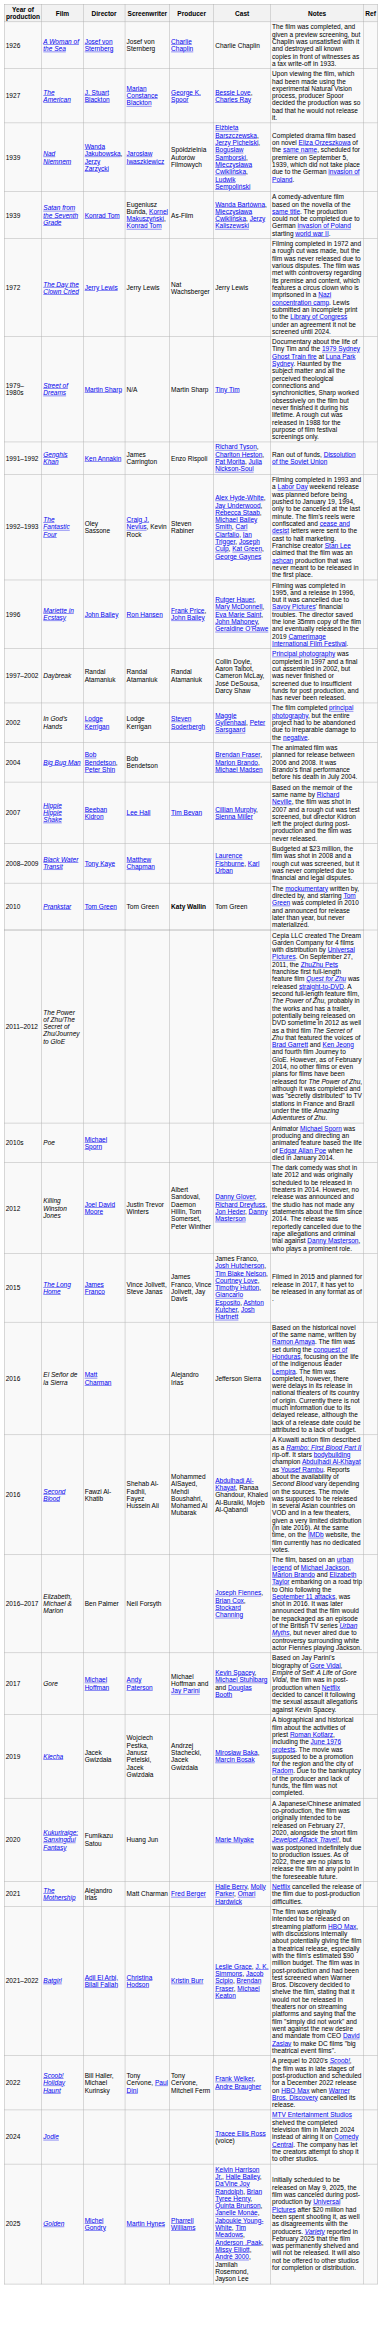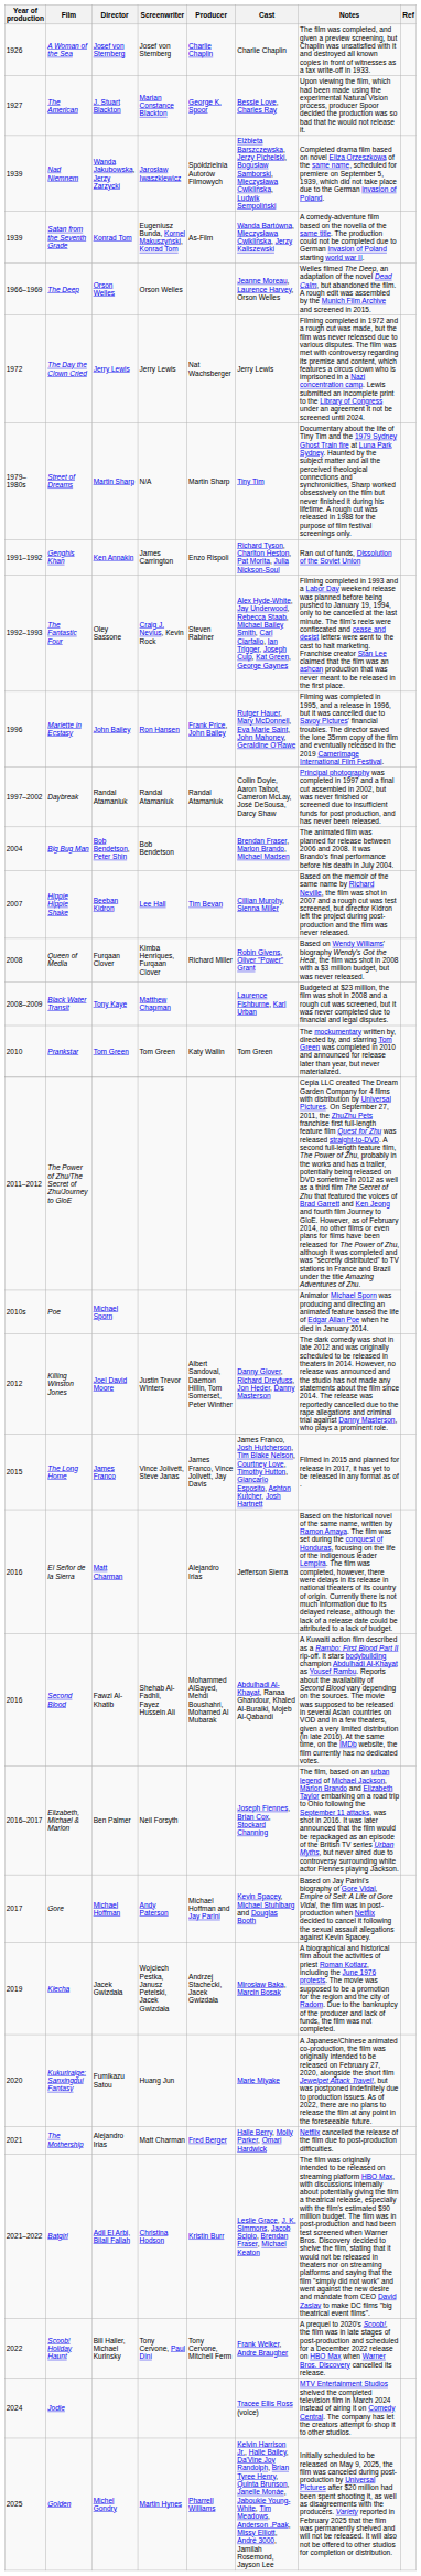 <table class="wikitable sortable" style="font-size:95%">
 <tr>
 <th>Year of production</th>
 <th>Film</th>
 <th>Director</th>
 <th>Screenwriter</th>
 <th>Producer</th>
 <th>Cast</th>
 <th>Notes</th>
 <th class=unsortable>Ref</th>
 </tr>
 <tr>
 <td>1926</td>
 <td><em><a href='#'>A Woman of the Sea</a></em></td>
 <td><a href='#'>Josef von Sternberg</a></td>
 <td>Josef von Sternberg</td>
 <td><a href='#'>Charlie Chaplin</a></td>
 <td>Charlie Chaplin</td>
 <td>The film was completed, and given a preview screening, but Chaplin was unsatisfied with it and destroyed all known copies in front of witnesses as a tax write-off in 1933.</td>
 <td></td>
 </tr>
 <tr>
 <td>1927</td>
 <td><em><a href='#'>The American</a></em></td>
 <td><a href='#'>J. Stuart Blackton</a></td>
 <td><a href='#'>Marian Constance Blackton</a></td>
 <td><a href='#'>George K. Spoor</a></td>
 <td><a href='#'>Bessie Love</a>, <a href='#'>Charles Ray</a></td>
 <td>Upon viewing the film, which had been made using the experimental Natural Vision process, producer Spoor decided the production was so bad that he would not release it.</td>
 <td></td>
 </tr>
 <tr>
 <td>1939</td>
 <td><em><a href='#'>Nad Niemnem</a></em></td>
 <td><a href='#'>Wanda Jakubowska</a>, <a href='#'>Jerzy Zarzycki</a></td>
 <td><a href='#'>Jarosław Iwaszkiewicz</a></td>
 <td>Spółdzielnia Autorów Filmowych</td>
 <td><a href='#'>Elżbieta Barszczewska</a>, <a href='#'>Jerzy Pichelski</a>, <a href='#'>Bogusław Samborski</a>, <a href='#'>Mieczysława Ćwiklińska</a>, <a href='#'>Ludwik Sempoliński</a></td>
 <td>Completed drama film based on novel <a href='#'>Eliza Orzeszkowa</a> of the <a href='#'>same name</a>, scheduled for premiere on September 5, 1939, which did not take place due to the German <a href='#'>invasion of Poland</a>.</td>
 <td></td>
 </tr>
 <tr>
 <td>1939</td>
 <td><em><a href='#'>Satan from the Seventh Grade</a></em></td>
 <td><a href='#'>Konrad Tom</a></td>
 <td>Eugeniusz Bunda, <a href='#'>Kornel Makuszyński</a>, <a href='#'>Konrad Tom</a></td>
 <td>As-Film</td>
 <td><a href='#'>Wanda Bartówna</a>, <a href='#'>Mieczysława Ćwiklińska</a>, <a href='#'>Jerzy Kaliszewski</a></td>
 <td>A comedy-adventure film based on the novella of the <a href='#'>same title</a>. The production could not be completed due to German <a href='#'>invasion of Poland</a> starting <a href='#'>world war II</a>.</td>
+<td></td>
+</tr>
+<tr>
+<td>1966–1969</td>
+<td><em><a href='#'>The Deep</a></em></td>
+<td><a href='#'>Orson Welles</a></td>
+<td>Orson Welles</td>
+<td></td>
+<td><a href='#'>Jeanne Moreau</a>, <a href='#'>Laurence Harvey</a>, Orson Welles</td>
+<td>Welles filmed <em>The Deep</em>, an adaptation of the novel <a href='#'><em>Dead Calm</em></a>, but abandoned the film. A rough edit was assembled by the <a href='#'>Munich Film Archive</a> and screened in 2015.</td>
 <td></td>
 </tr>
 <tr>
 <td>1972</td>
 <td><em><a href='#'>The Day the Clown Cried</a></em></td>
 <td><a href='#'>Jerry Lewis</a></td>
 <td>Jerry Lewis</td>
 <td>Nat Wachsberger</td>
 <td>Jerry Lewis</td>
 <td>Filming completed in 1972 and a rough cut was made, but the film was never released due to various disputes. The film was met with controversy regarding its premise and content, which features a circus clown who is imprisoned in a <a href='#'>Nazi</a> <a href='#'>concentration camp</a>. Lewis submitted an incomplete print to the <a href='#'>Library of Congress</a> under an agreement it not be screened until 2024.</td>
 <td></td>
 </tr>
 <tr>
 <td>1979–1980s</td>
 <td><em><a href='#'>Street of Dreams</a></em></td>
 <td><a href='#'>Martin Sharp</a></td>
 <td>N/A</td>
 <td>Martin Sharp</td>
 <td><a href='#'>Tiny Tim</a></td>
 <td>Documentary about the life of Tiny Tim and the <a href='#'>1979 Sydney Ghost Train fire</a> at <a href='#'>Luna Park Sydney</a>. Haunted by the subject matter and all the perceived theological connections and synchronicities, Sharp worked obsessively on the film but never finished it during his lifetime. A rough cut was released in 1988 for the purpose of film festival screenings only.</td>
 <td></td>
 </tr>
 <tr>
 <td>1991–1992</td>
 <td><em><a href='#'>Genghis Khan</a></em></td>
 <td><a href='#'>Ken Annakin</a></td>
 <td>James Carrington</td>
 <td>Enzo Rispoli</td>
 <td><a href='#'>Richard Tyson</a>, <a href='#'>Charlton Heston</a>, <a href='#'>Pat Morita</a>, <a href='#'>Julia Nickson-Soul</a></td>
 <td>Ran out of funds, <a href='#'>Dissolution of the Soviet Union</a></td>
 <td></td>
 </tr>
 <tr>
 <td>1992–1993</td>
 <td><em><a href='#'>The Fantastic Four</a></em></td>
 <td>Oley Sassone</td>
 <td><a href='#'>Craig J. Nevius</a>, Kevin Rock</td>
 <td>Steven Rabiner</td>
 <td><a href='#'>Alex Hyde-White</a>, <a href='#'>Jay Underwood</a>, <a href='#'>Rebecca Staab</a>, <a href='#'>Michael Bailey Smith</a>, <a href='#'>Carl Ciarfalio</a>, <a href='#'>Ian Trigger</a>, <a href='#'>Joseph Culp</a>, <a href='#'>Kat Green</a>, <a href='#'>George Gaynes</a></td>
 <td>Filming completed in 1993 and a <a href='#'>Labor Day</a> weekend release was planned before being pushed to January 19, 1994, only to be cancelled at the last minute. The film's reels were confiscated and <a href='#'>cease and desist</a> letters were sent to the cast to halt marketing. Franchise creator <a href='#'>Stan Lee</a> claimed that the film was an <a href='#'>ashcan</a> production that was never meant to be released in the first place.</td>
 <td></td>
 </tr>
 <tr>
 <td>1996</td>
 <td><em><a href='#'>Mariette in Ecstasy</a></em></td>
 <td><a href='#'>John Bailey</a></td>
 <td><a href='#'>Ron Hansen</a></td>
 <td><a href='#'>Frank Price</a>, <a href='#'>John Bailey</a></td>
 <td><a href='#'>Rutger Hauer</a>, <a href='#'>Mary McDonnell</a>, <a href='#'>Eva Marie Saint</a>, <a href='#'>John Mahoney</a>, <a href='#'>Geraldine O'Rawe</a></td>
 <td>Filming was completed in 1995, and a release in 1996, but it was cancelled due to <a href='#'>Savoy Pictures</a>' financial troubles. The director saved the lone 35mm copy of the film and eventually released in the 2019 <a href='#'>Camerimage International Film Festival</a>.</td>
 <td></td>
 </tr>
 <tr>
 <td>1997–2002</td>
 <td><em>Daybreak</em></td>
 <td>Randal Atamaniuk</td>
 <td>Randal Atamaniuk</td>
 <td>Randal Atamaniuk</td>
 <td>Collin Doyle, Aaron Talbot, Cameron McLay, José DeSousa, Darcy Shaw</td>
 <td><a href='#'>Principal photography</a> was completed in 1997 and a final cut assembled in 2002, but was never finished or screened due to insufficient funds for post production, and has never been released.</td>
 <td></td>
 </tr>
 <tr>
-<td>2002</td>
-<td><em>In God's Hands</em></td>
-<td><a href='#'>Lodge Kerrigan</a></td>
-<td>Lodge Kerrigan</td>
-<td><a href='#'>Steven Soderbergh</a></td>
-<td><a href='#'>Maggie Gyllenhaal</a>, <a href='#'>Peter Sarsgaard</a></td>
-<td>The film completed <a href='#'>principal photography</a>, but the entire project had to be abandoned due to irreparable damage to the <a href='#'>negative</a>.</td>
-<td></td>
-</tr>
-<tr>
 <td>2004</td>
 <td><em><a href='#'>Big Bug Man</a></em></td>
 <td><a href='#'>Bob Bendetson</a>, <a href='#'>Peter Shin</a></td>
 <td>Bob Bendetson</td>
 <td></td>
 <td><a href='#'>Brendan Fraser</a>, <a href='#'>Marlon Brando</a>, <a href='#'>Michael Madsen</a></td>
 <td>The animated film was planned for release between 2006 and 2008. It was Brando's final performance before his death in July 2004.</td>
 <td></td>
 </tr>
 <tr>
 <td>2007</td>
 <td><em><a href='#'>Hippie Hippie Shake</a></em></td>
 <td><a href='#'>Beeban Kidron</a></td>
 <td><a href='#'>Lee Hall</a></td>
 <td><a href='#'>Tim Bevan</a></td>
 <td><a href='#'>Cillian Murphy</a>, <a href='#'>Sienna Miller</a></td>
 <td>Based on the memoir of the same name by <a href='#'>Richard Neville</a>, the film was shot in 2007 and a rough cut was test screened, but director Kidron left the project during post-production and the film was never released.</td>
 <td></td>
 </tr>
 <tr>
+<td>2008</td>
+<td><em>Queen of Media</em></td>
+<td>Furqaan Clover</td>
+<td>Kimba Henriques, Furqaan Clover</td>
+<td>Richard Miller</td>
+<td><a href='#'>Robin Givens</a>, <a href='#'>Oliver "Power" Grant</a></td>
+<td>Based on <a href='#'>Wendy Williams</a>' biography <em>Wendy's Got the Heat</em>, the film was shot in 2008 with a $3 million budget, but was never released.</td>
+<td></td>
+</tr>
+<tr>
 <td>2008–2009</td>
 <td><em><a href='#'>Black Water Transit</a></em></td>
 <td><a href='#'>Tony Kaye</a></td>
 <td><a href='#'>Matthew Chapman</a></td>
 <td></td>
 <td><a href='#'>Laurence Fishburne</a>, <a href='#'>Karl Urban</a></td>
 <td>Budgeted at $23 million, the film was shot in 2008 and a rough cut was screened, but it was never completed due to financial and legal disputes.</td>
 <td></td>
 </tr>
 <tr>
 <td>2010</td>
 <td><em><a href='#'>Prankstar</a></em></td>
 <td><a href='#'>Tom Green</a></td>
 <td>Tom Green</td>
-<td><strong>Katy Wallin</strong></td>
+<td>Katy Wallin</td>
 <td>Tom Green</td>
 <td>The <a href='#'>mockumentary</a> written by, directed by, and starring <a href='#'>Tom Green</a> was completed in 2010 and announced for release later than year, but never materialized.</td>
 <td></td>
 </tr>
 <tr>
 </tr>
 <tr>
 <td>2011–2012</td>
 <td><em>The Power of Zhu/The Secret of Zhu/Journey to GloE</em></td>
 <td></td>
 <td></td>
 <td></td>
 <td></td>
 <td>Cepia LLC created The Dream Garden Company for 4 films with distribution by <a href='#'>Universal Pictures</a>. On September 27, 2011, the <a href='#'>ZhuZhu Pets</a> franchise first full-length feature film <em><a href='#'>Quest for Zhu</a></em> was released <a href='#'>straight-to-DVD</a>. A second full-length feature film, <em>The Power of Zhu</em>, probably in the works and has a trailer, potentially being released on DVD sometime in 2012 as well as a third film <em>The Secret of Zhu</em> that featured the voices of <a href='#'>Brad Garrett</a> and <a href='#'>Ken Jeong</a> and fourth film Journey to GloE. However, as of February 2014, no other films or even plans for films have been released for <em>The Power of Zhu</em>, although it was completed and was "secretly distributed" to TV stations in France and Brazil under the title <em>Amazing Adventures of Zhu</em>.</td>
 </tr>
 <tr>
 <td>2010s</td>
 <td><em>Poe</em></td>
 <td><a href='#'>Michael Sporn</a></td>
 <td></td>
 <td></td>
 <td></td>
 <td>Animator <a href='#'>Michael Sporn</a> was producing and directing an animated feature based the life of <a href='#'>Edgar Allan Poe</a> when he died in January 2014.</td>
 </tr>
 <tr>
 <td>2012</td>
 <td><em>Killing Winston Jones</em></td>
 <td><a href='#'>Joel David Moore</a></td>
 <td>Justin Trevor Winters</td>
 <td>Albert Sandoval, Daemon Hillin, Tom Somerset, Peter Winther</td>
 <td><a href='#'>Danny Glover</a>, <a href='#'>Richard Dreyfuss</a>, <a href='#'>Jon Heder</a>, <a href='#'>Danny Masterson</a></td>
 <td>The dark comedy was shot in late 2012 and was originally scheduled to be released in theaters in 2014. However, no release was announced and the studio has not made any statements about the film since 2014. The release was reportedly cancelled due to the rape allegations and criminal trial against <a href='#'>Danny Masterson</a>, who plays a prominent role.</td>
 <td></td>
 </tr>
 <tr>
 <td>2015</td>
 <td><em><a href='#'>The Long Home</a></em></td>
 <td><a href='#'>James Franco</a></td>
 <td>Vince Jolivett, Steve Janas</td>
 <td>James Franco, Vince Jolivett, Jay Davis</td>
 <td>James Franco, <a href='#'>Josh Hutcherson</a>, <a href='#'>Tim Blake Nelson</a>, <a href='#'>Courtney Love</a>, <a href='#'>Timothy Hutton</a>, <a href='#'>Giancarlo Esposito</a>, <a href='#'>Ashton Kutcher</a>, <a href='#'>Josh Hartnett</a></td>
 <td>Filmed in 2015 and planned for release in 2017, it has yet to be released in any format as of .</td>
 <td></td>
 </tr>
 <tr>
 <td>2016</td>
 <td><em>El Señor de la Sierra</em></td>
 <td><a href='#'>Matt Charman</a></td>
 <td></td>
 <td>Alejandro Irias</td>
 <td>Jefferson Sierra</td>
 <td>Based on the historical novel of the same name, written by <a href='#'>Ramon Amaya</a>. The film was set during the <a href='#'>conquest of Honduras</a>, focusing on the life of the indigenous leader <a href='#'>Lempira</a>. The film was completed, however, there were delays in its release in national theaters of its country of origin. Currently there is not much information due to its delayed release, although the lack of a release date could be attributed to a lack of budget.</td>
 <td></td>
 </tr>
 <tr>
 <td>2016</td>
 <td><em><a href='#'>Second Blood</a></em></td>
 <td>Fawzi Al-Khatib</td>
 <td>Shehab Al-Fadhli,<br>Fayez Hussein Ali</td>
 <td>Mohammed AlSayed,<br>Mehdi Boushahri,<br>Mohamed Al Mubarak</td>
 <td><a href='#'>Abdulhadi Al-Khayat</a>, Ranaa Ghandour, Khaled Al-Buraiki, Mojeb Al-Qabandi</td>
 <td>A Kuwaiti action film described as a <em><a href='#'>Rambo: First Blood Part II</a></em> rip-off. It stars <a href='#'>bodybuilding</a> champion <a href='#'>Abdulhadi Al-Khayat</a> as <a href='#'>Yousef Rambu</a>. Reports about the availability of <em>Second Blood</em> vary depending on the sources. The movie was supposed to be released in several Asian countries on VOD and in a few theaters, given a very limited distribution (in late 2016). At the same time, on the <a href='#'>IMDb</a> website, the film currently has no dedicated votes.</td>
 <td></td>
 </tr>
 <tr>
 <td>2016–2017</td>
 <td><em>Elizabeth, Michael & Marlon</em></td>
 <td>Ben Palmer</td>
 <td>Neil Forsyth</td>
 <td></td>
 <td><a href='#'>Joseph Fiennes</a>, <a href='#'>Brian Cox</a>, <a href='#'>Stockard Channing</a></td>
 <td>The film, based on an <a href='#'>urban legend</a> of <a href='#'>Michael Jackson</a>, <a href='#'>Marlon Brando</a> and <a href='#'>Elizabeth Taylor</a> embarking on a road trip to Ohio following the <a href='#'>September 11 attacks</a>, was shot in 2016. It was later announced that the film would be repackaged as an episode of the British TV series <em><a href='#'>Urban Myths</a></em>, but never aired due to controversy surrounding white actor Fiennes playing Jackson.</td>
 <td></td>
 </tr>
 <tr>
 <td>2017</td>
 <td><em>Gore</em></td>
 <td><a href='#'>Michael Hoffman</a></td>
 <td><a href='#'>Andy Paterson</a></td>
 <td>Michael Hoffman and <a href='#'>Jay Parini</a></td>
 <td><a href='#'>Kevin Spacey</a>, <a href='#'>Michael Stuhlbarg</a> and <a href='#'>Douglas Booth</a></td>
 <td>Based on Jay Parini's biography of <a href='#'>Gore Vidal</a>, <em>Empire of Self: A Life of Gore Vidal</em>, the film was in post-production when <a href='#'>Netflix</a> decided to cancel it following the sexual assault allegations against Kevin Spacey.</td>
 <td></td>
 </tr>
 <tr>
 <td>2019</td>
 <td><em><a href='#'>Klecha</a></em></td>
 <td>Jacek Gwizdała</td>
 <td>Wojciech Pestka, Janusz Petelski, Jacek Gwizdała</td>
 <td>Andrzej Stachecki, Jacek Gwizdała</td>
 <td><a href='#'>Mirosław Baka</a>, <a href='#'>Marcin Bosak</a></td>
 <td>A biographical and historical film about the activities of priest <a href='#'>Roman Kotlarz</a>, including the <a href='#'>June 1976 protests</a>. The movie was supposed to be a promotion for the region and the city of <a href='#'>Radom</a>. Due to the bankruptcy of the producer and lack of funds, the film was not completed.</td>
 <td></td>
 </tr>
 <tr>
 <td>2020</td>
 <td><em><a href='#'>Kukuriraige: Sanxingdui Fantasy</a></em></td>
 <td>Fumikazu Satou</td>
 <td>Huang Jun</td>
 <td></td>
 <td><a href='#'>Marie Miyake</a></td>
 <td>A Japanese/Chinese animated co-production, the film was originally intended to be released on February 27, 2020, alongside the short film <em><a href='#'>Jewelpet Attack Travel!</a></em>, but was postponed indefinitely due to production issues. As of 2022, there are no plans to release the film at any point in the foreseeable future.</td>
 <td></td>
 </tr>
 <tr>
 <td>2021</td>
 <td><em><a href='#'>The Mothership</a></em></td>
 <td>Alejandro Irias</td>
 <td>Matt Charman</td>
 <td><a href='#'>Fred Berger</a></td>
 <td><a href='#'>Halle Berry</a>, <a href='#'>Molly Parker</a>, <a href='#'>Omari Hardwick</a></td>
 <td><a href='#'>Netflix</a> cancelled the release of the film due to post-production difficulties.</td>
 <td></td>
 </tr>
 <tr>
 <td>2021–2022</td>
 <td><em><a href='#'>Batgirl</a></em></td>
 <td><a href='#'>Adil El Arbi, Bilall Fallah</a></td>
 <td><a href='#'>Christina Hodson</a></td>
 <td><a href='#'>Kristin Burr</a></td>
 <td><a href='#'>Leslie Grace</a>, <a href='#'>J. K. Simmons</a>, <a href='#'>Jacob Scipio</a>, <a href='#'>Brendan Fraser</a>, <a href='#'>Michael Keaton</a></td>
 <td>The film was originally intended to be released on streaming platform <a href='#'>HBO Max</a>, with discussions internally about potentially giving the film a theatrical release, especially with the film's estimated $90 million budget. The film was in post-production and had been test screened when Warner Bros. Discovery decided to shelve the film, stating that it would not be released in theaters nor on streaming platforms and saying that the film "simply did not work" and went against the new desire and mandate from CEO <a href='#'>David Zaslav</a> to make DC films "big theatrical event films".</td>
 <td></td>
 </tr>
 <tr>
 <td>2022</td>
 <td><em><a href='#'>Scoob! Holiday Haunt</a></em></td>
 <td>Bill Haller, Michael Kurinsky</td>
 <td>Tony Cervone, <a href='#'>Paul Dini</a></td>
 <td>Tony Cervone, Mitchell Ferm</td>
 <td><a href='#'>Frank Welker</a>, <a href='#'>Andre Braugher</a></td>
 <td>A prequel to 2020's <em><a href='#'>Scoob!</a>,</em> the film was in late stages of post-production and scheduled for a December 2022 release on <a href='#'>HBO Max</a> when <a href='#'>Warner Bros. Discovery</a> cancelled its release.</td>
 <td></td>
 </tr>
 <tr>
 <td>2024</td>
 <td><em><a href='#'>Jodie</a></em></td>
 <td></td>
 <td></td>
 <td></td>
 <td><a href='#'>Tracee Ellis Ross</a> (voice)</td>
 <td><a href='#'>MTV Entertainment Studios</a> shelved the completed television film in March 2024 instead of airing it on <a href='#'>Comedy Central</a>. The company has let the creators attempt to shop it to other studios.</td>
 <td></td>
 </tr>
 <tr>
 <td>2025</td>
 <td><em><a href='#'>Golden</a></em></td>
 <td><a href='#'>Michel Gondry</a></td>
 <td><a href='#'>Martin Hynes</a></td>
 <td><a href='#'>Pharrell Williams</a></td>
 <td><a href='#'>Kelvin Harrison Jr.</a>, <a href='#'>Halle Bailey</a>, <a href='#'>Da'Vine Joy Randolph</a>, <a href='#'>Brian Tyree Henry</a>, <a href='#'>Quinta Brunson</a>, <a href='#'>Janelle Monáe</a>, <a href='#'>Jaboukie Young-White</a>, <a href='#'>Tim Meadows</a>, <a href='#'>Anderson .Paak</a>, <a href='#'>Missy Elliott</a>, <a href='#'>André 3000</a>, Jamilah Rosemond, Jayson Lee</td>
 <td>Initially scheduled to be released on May 9, 2025, the film was canceled during post-production by <a href='#'>Universal Pictures</a> after $20 million had been spent shooting it, as well as disagreements with the producers. <em><a href='#'>Variety</a></em> reported in February 2025 that the film was permanently shelved and will not be released. It will also not be offered to other studios for completion or distribution.</td>
 <td></td>
 </tr>
 </table>
